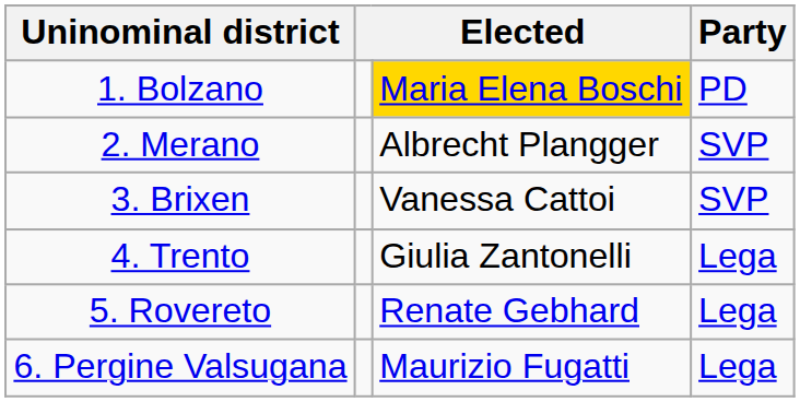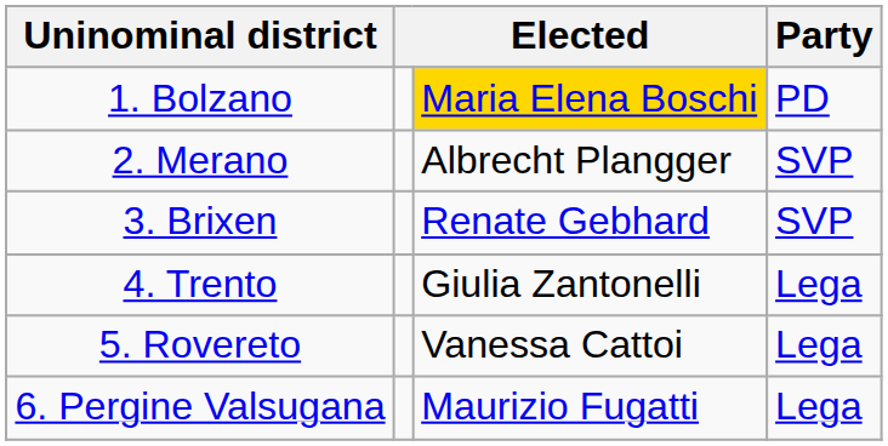 <table class="wikitable">
 <tr>
 <th>Uninominal district</th>
 <th colspan="2">Elected</th>
 <th>Party</th>
 </tr>
 <tr>
 <td align="center"><a href='#'>1. Bolzano</a></td>
 <td></td>
 <td style="background: gold;"><a href='#'>Maria Elena Boschi</a></td>
 <td><a href='#'>PD</a></td>
 </tr>
 <tr>
 <td align="center"><a href='#'>2. Merano</a></td>
 <td></td>
 <td>Albrecht Plangger</td>
 <td><a href='#'>SVP</a></td>
 </tr>
 <tr>
 <td align="center"><a href='#'>3. Brixen</a></td>
 <td></td>
-<td>Vanessa Cattoi</td>
+<td><a href='#'>Renate Gebhard</a></td>
 <td><a href='#'>SVP</a></td>
 </tr>
 <tr>
 <td align="center"><a href='#'>4. Trento</a></td>
 <td></td>
 <td>Giulia Zantonelli</td>
 <td><a href='#'>Lega</a></td>
 </tr>
 <tr>
 <td align="center"><a href='#'>5. Rovereto</a></td>
 <td></td>
-<td><a href='#'>Renate Gebhard</a></td>
+<td>Vanessa Cattoi</td>
 <td><a href='#'>Lega</a></td>
 </tr>
 <tr>
 <td align="center"><a href='#'>6. Pergine Valsugana</a></td>
 <td></td>
 <td><a href='#'>Maurizio Fugatti</a></td>
 <td><a href='#'>Lega</a></td>
 </tr>
 </table>
